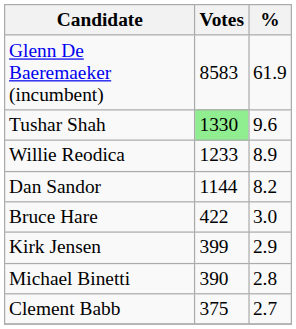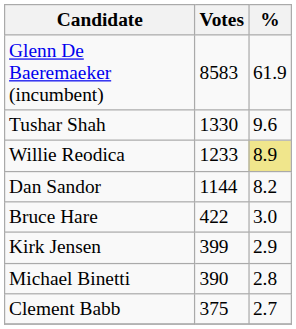 <table class="wikitable">
 <tr>
 <th bgcolor="#DDDDFF" width="150px">Candidate</th>
 <th bgcolor="#DDDDFF">Votes</th>
 <th bgcolor="#DDDDFF">%</th>
 </tr>
 <tr>
 <td><a href='#'>Glenn De Baeremaeker</a> (incumbent)</td>
 <td>8583</td>
 <td>61.9</td>
 </tr>
 <tr>
 <td>Tushar Shah</td>
-<td style="background: lightgreen;">1330</td>
+<td>1330</td>
 <td>9.6</td>
 </tr>
 <tr>
 <td>Willie Reodica</td>
 <td>1233</td>
-<td>8.9</td>
+<td style="background: khaki;">8.9</td>
 </tr>
 <tr>
 <td>Dan Sandor</td>
 <td>1144</td>
 <td>8.2</td>
 </tr>
 <tr>
 <td>Bruce Hare</td>
 <td>422</td>
 <td>3.0</td>
 </tr>
 <tr>
 <td>Kirk Jensen</td>
 <td>399</td>
 <td>2.9</td>
 </tr>
 <tr>
 <td>Michael Binetti</td>
 <td>390</td>
 <td>2.8</td>
 </tr>
 <tr>
 <td>Clement Babb</td>
 <td>375</td>
 <td>2.7</td>
 </tr>
 <tr>
 </tr>
 </table>
